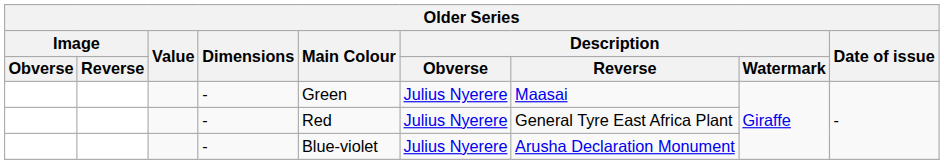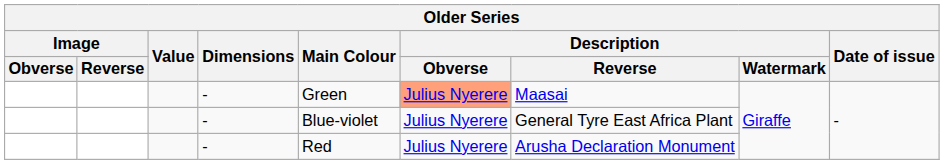 <table class="wikitable" style="font-size: 90%">
 <tr>
 <th colspan="12">Older Series</th>
 </tr>
 <tr>
 <th colspan="2">Image</th>
 <th rowspan="2">Value</th>
 <th rowspan="2">Dimensions</th>
 <th rowspan="2">Main Colour</th>
 <th colspan="3">Description</th>
 <th rowspan="2">Date of issue</th>
 </tr>
 <tr>
 <th>Obverse</th>
 <th>Reverse</th>
 <th>Obverse</th>
 <th>Reverse</th>
 <th>Watermark</th>
 </tr>
 <tr>
 <td align="center" bgcolor="#ffffff"></td>
 <td align="center" bgcolor="#ffffff"></td>
 <td></td>
 <td>-</td>
 <td>Green</td>
-<td><a href='#'>Julius Nyerere</a></td>
+<td style="background: lightsalmon;"><a href='#'>Julius Nyerere</a></td>
 <td><a href='#'>Maasai</a></td>
 <td rowspan="3"><a href='#'>Giraffe</a></td>
 <td rowspan="3">-</td>
 </tr>
 <tr>
 <td align="center" bgcolor="#ffffff"></td>
 <td align="center" bgcolor="#ffffff"></td>
 <td></td>
 <td>-</td>
-<td>Red</td>
+<td>Blue-violet</td>
 <td><a href='#'>Julius Nyerere</a></td>
 <td>General Tyre East Africa Plant</td>
 </tr>
 <tr>
 <td align="center" bgcolor="#ffffff"></td>
 <td align="center" bgcolor="#ffffff"></td>
 <td></td>
 <td>-</td>
-<td>Blue-violet</td>
+<td>Red</td>
 <td><a href='#'>Julius Nyerere</a></td>
 <td><a href='#'>Arusha Declaration Monument</a></td>
 </tr>
 </table>
